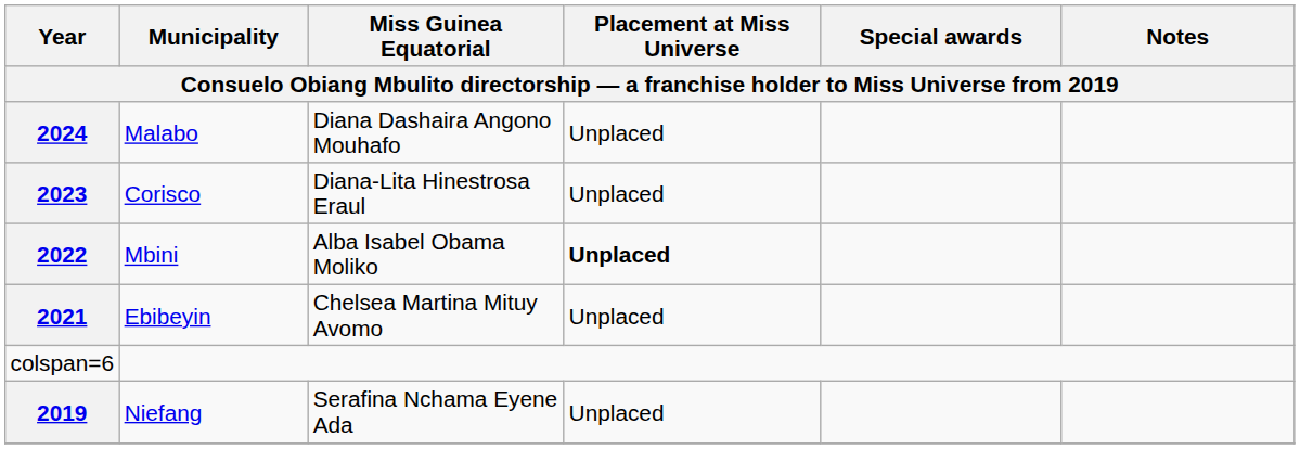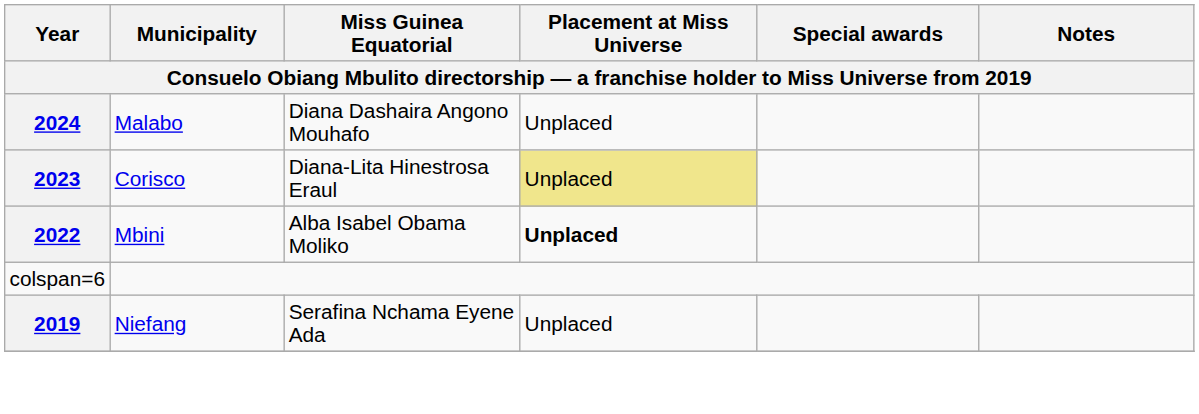 <table class="wikitable " style="font-size: 95%;">
 <tr>
 <th width="60">Year</th>
 <th width="150">Municipality</th>
 <th width="250">Miss Guinea Equatorial</th>
 <th width="250">Placement at Miss Universe</th>
 <th width="250">Special awards</th>
 <th width="250">Notes</th>
 </tr>
 <tr>
 <th colspan="6">Consuelo Obiang Mbulito directorship — a franchise holder to Miss Universe from 2019</th>
 </tr>
 <tr>
 <th><a href='#'>2024</a></th>
 <td><a href='#'>Malabo</a></td>
 <td>Diana Dashaira Angono Mouhafo</td>
 <td>Unplaced</td>
 <td></td>
 <td></td>
 </tr>
 <tr>
 <th><a href='#'>2023</a></th>
 <td><a href='#'>Corisco</a></td>
 <td>Diana-Lita Hinestrosa Eraul</td>
-<td>Unplaced</td>
+<td style="background: khaki;">Unplaced</td>
 <td></td>
 <td></td>
 </tr>
 <tr>
 <th><a href='#'>2022</a></th>
 <td><a href='#'>Mbini</a></td>
 <td>Alba Isabel Obama Moliko</td>
 <td><strong>Unplaced</strong></td>
-<td></td>
-<td></td>
-</tr>
-<tr>
-<th><a href='#'>2021</a></th>
-<td><a href='#'>Ebibeyin</a></td>
-<td>Chelsea Martina Mituy Avomo</td>
-<td>Unplaced</td>
 <td></td>
 <td></td>
 </tr>
 <tr>
 <td>colspan=6 </td>
 </tr>
 <tr>
 <th><a href='#'>2019</a></th>
 <td><a href='#'>Niefang</a></td>
 <td>Serafina Nchama Eyene Ada</td>
 <td>Unplaced</td>
 <td></td>
 <td></td>
 </tr>
 <tr>
 </tr>
 </table>
